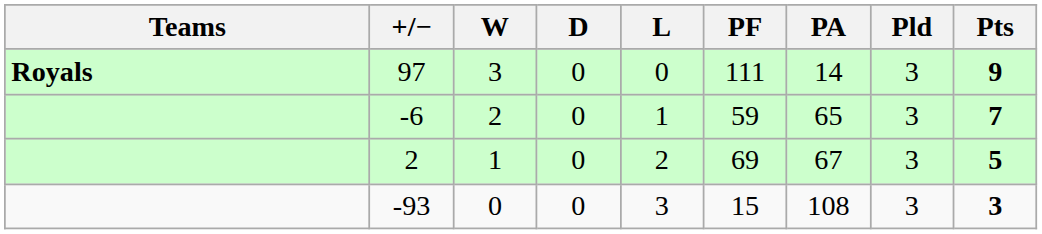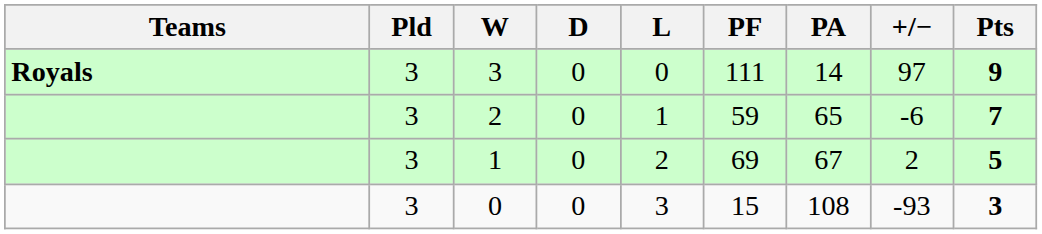 <table class="wikitable" style="text-align: center;">
 <tr>
 <th style="width:200px;">Teams</th>
-<th width="40">+/−</th>
+<th width="40">Pld</th>
 <th width="40">W</th>
 <th width="40">D</th>
 <th width="40">L</th>
 <th width="40">PF</th>
 <th width="40">PA</th>
-<th width="40">Pld</th>
+<th width="40">+/−</th>
 <th width="40">Pts</th>
 </tr>
 <tr bgcolor=ccffcc>
 <td align=left><strong> Royals</strong></td>
-<td>97</td>
+<td>3</td>
 <td>3</td>
 <td>0</td>
 <td>0</td>
 <td>111</td>
 <td>14</td>
-<td>3</td>
+<td>97</td>
 <td><strong>9</strong></td>
 </tr>
 <tr bgcolor=ccffcc>
 <td align=left><strong></strong></td>
-<td>-6</td>
+<td>3</td>
 <td>2</td>
 <td>0</td>
 <td>1</td>
 <td>59</td>
 <td>65</td>
-<td>3</td>
+<td>-6</td>
 <td><strong>7</strong></td>
 </tr>
 <tr bgcolor=ccffcc>
 <td align=left></td>
-<td>2</td>
+<td>3</td>
 <td>1</td>
 <td>0</td>
 <td>2</td>
 <td>69</td>
 <td>67</td>
-<td>3</td>
+<td>2</td>
 <td><strong>5</strong></td>
 </tr>
 <tr>
 <td align=left></td>
-<td>-93</td>
+<td>3</td>
 <td>0</td>
 <td>0</td>
 <td>3</td>
 <td>15</td>
 <td>108</td>
-<td>3</td>
+<td>-93</td>
 <td><strong>3</strong></td>
 </tr>
 </table>
